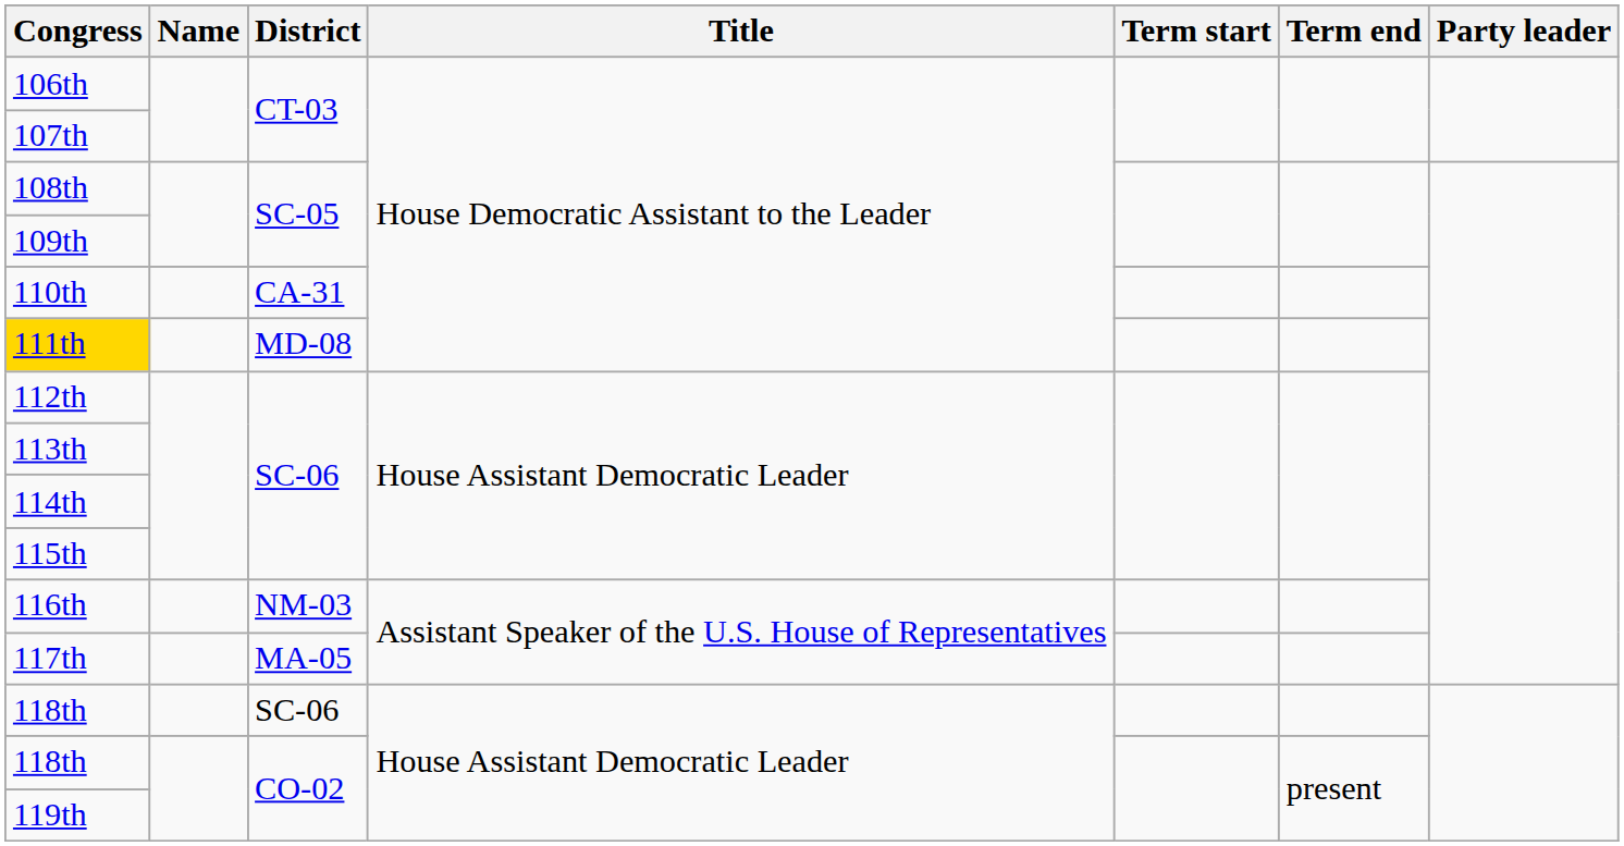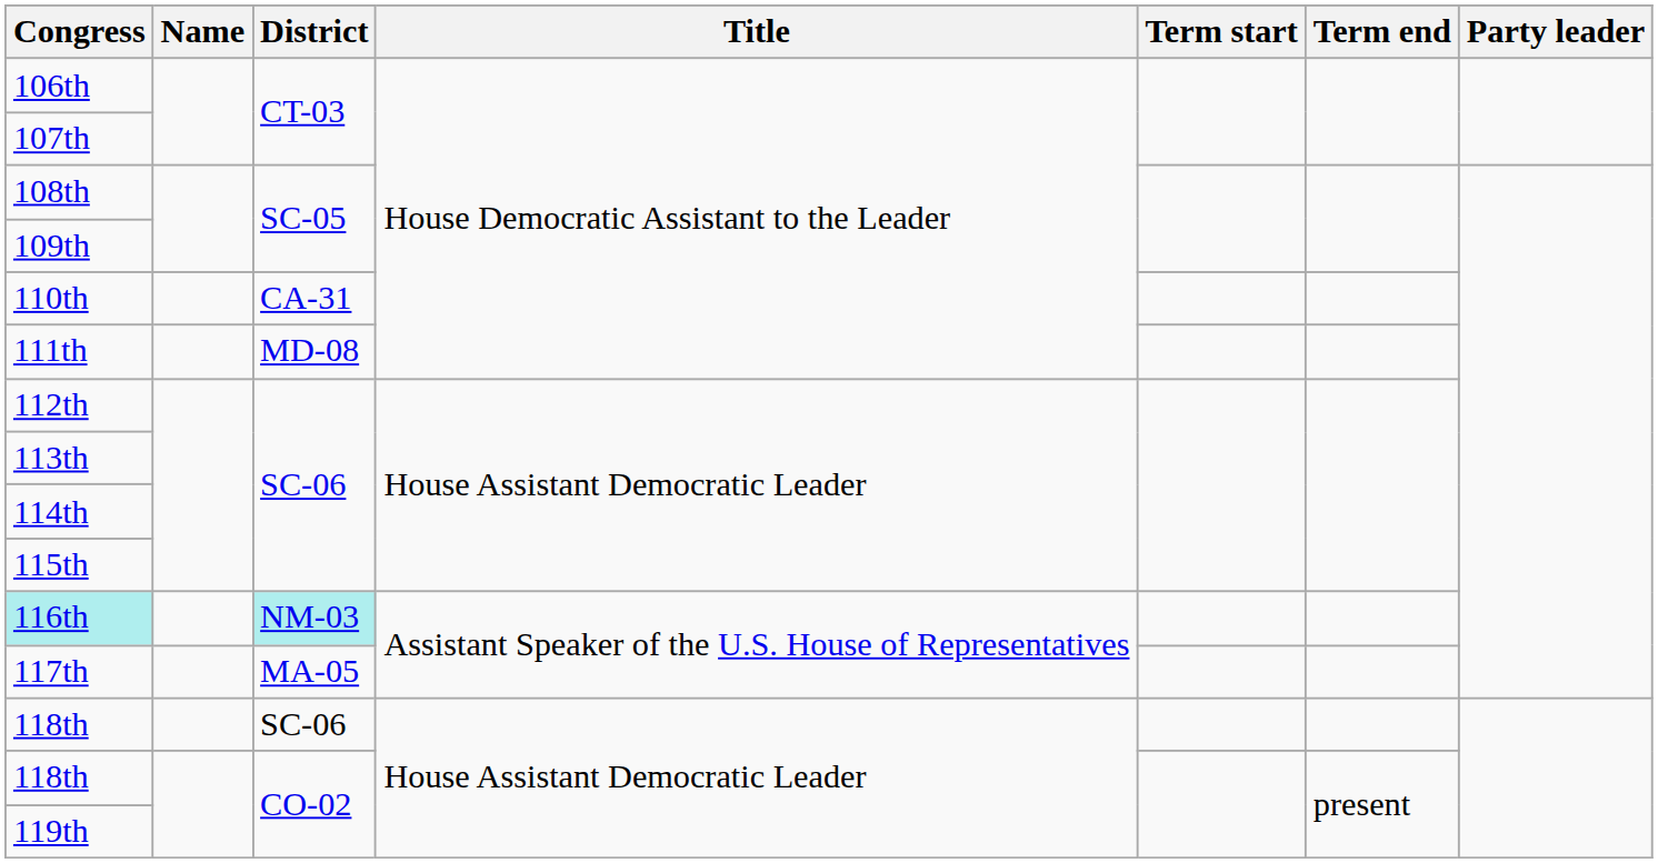 <table class="wikitable sortable">
 <tr>
 <th>Congress</th>
 <th>Name</th>
 <th>District</th>
 <th>Title</th>
 <th>Term start</th>
 <th>Term end</th>
 <th>Party leader</th>
 </tr>
 <tr>
 <td><a href='#'>106th</a></td>
 <td rowspan=2></td>
 <td rowspan=2><a href='#'>CT-03</a></td>
 <td rowspan=6>House Democratic Assistant to the Leader</td>
 <td rowspan=2></td>
 <td rowspan=2></td>
 <td rowspan=2></td>
 </tr>
 <tr>
 <td><a href='#'>107th</a></td>
 </tr>
 <tr>
 <td><a href='#'>108th</a></td>
 <td rowspan=2></td>
 <td rowspan=2><a href='#'>SC-05</a></td>
 <td rowspan=2></td>
 <td rowspan=2></td>
 <td rowspan=10></td>
 </tr>
 <tr>
 <td><a href='#'>109th</a></td>
 </tr>
 <tr>
 <td><a href='#'>110th</a></td>
 <td></td>
 <td><a href='#'>CA-31</a></td>
 <td></td>
 <td></td>
 </tr>
 <tr>
-<td style="background: gold;"><a href='#'>111th</a></td>
+<td><a href='#'>111th</a></td>
 <td></td>
 <td><a href='#'>MD-08</a></td>
 <td></td>
 <td></td>
 </tr>
 <tr>
 <td><a href='#'>112th</a></td>
 <td rowspan=4></td>
 <td rowspan=4><a href='#'>SC-06</a></td>
 <td rowspan=4>House Assistant Democratic Leader</td>
 <td rowspan=4></td>
 <td rowspan=4></td>
 </tr>
 <tr>
 <td><a href='#'>113th</a></td>
 </tr>
 <tr>
 <td><a href='#'>114th</a></td>
 </tr>
 <tr>
 <td><a href='#'>115th</a></td>
 </tr>
 <tr>
-<td><a href='#'>116th</a></td>
+<td style="background: paleturquoise;"><a href='#'>116th</a></td>
 <td></td>
-<td><a href='#'>NM-03</a></td>
+<td style="background: paleturquoise;"><a href='#'>NM-03</a></td>
 <td rowspan=2>Assistant Speaker of the <a href='#'>U.S. House of Representatives</a></td>
 <td></td>
 <td></td>
 </tr>
 <tr>
 <td><a href='#'>117th</a></td>
 <td></td>
 <td><a href='#'>MA-05</a></td>
 <td></td>
 <td></td>
 </tr>
 <tr>
 <td rowspan=2><a href='#'>118th</a></td>
 <td></td>
 <td>SC-06</td>
 <td rowspan=4>House Assistant Democratic Leader</td>
 <td></td>
 <td></td>
 <td rowspan=4></td>
 </tr>
 <tr>
 <td rowspan=3></td>
 <td rowspan=3><a href='#'>CO-02</a></td>
 <td rowspan=3></td>
 <td rowspan=3>present</td>
 </tr>
 <tr>
 <td><a href='#'>118th</a></td>
 </tr>
 <tr>
 <td><a href='#'>119th</a></td>
 </tr>
 </table>
